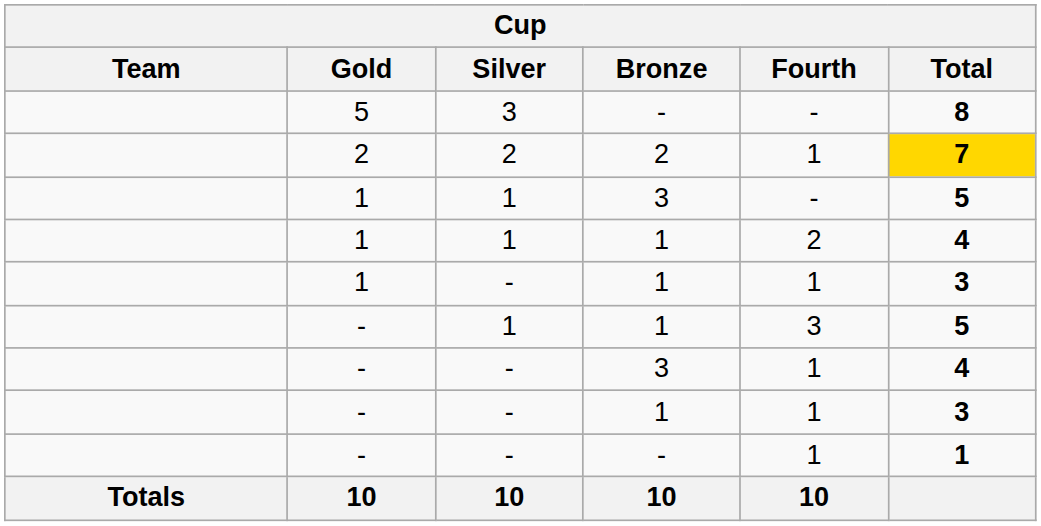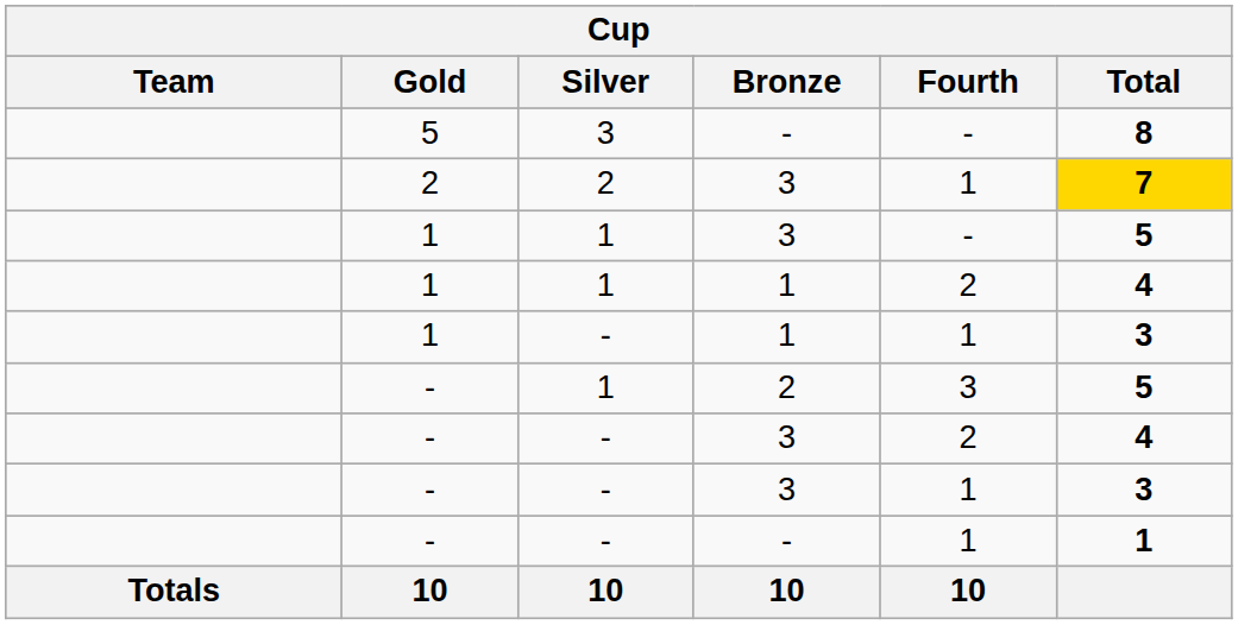 <table class="wikitable" style="text-align:center;">
 <tr border=1 cellpadding=5 cellspacing=0>
 <th colspan=6>Cup</th>
 </tr>
 <tr>
 <th style="width:10em;">Team</th>
 <th style="width:5em;"> Gold</th>
 <th style="width:5em;"> Silver</th>
 <th style="width:5.75em; padding:0; cell-spacing:0;"> Bronze</th>
 <th style="width:5em;">Fourth</th>
 <th style="width:5em;">Total </th>
 </tr>
 <tr>
 <td align=left></td>
 <td>5</td>
 <td>3</td>
 <td>-</td>
 <td>-</td>
 <td><strong>8</strong></td>
 </tr>
 <tr>
 <td align=left></td>
 <td>2</td>
 <td>2</td>
-<td>2</td>
+<td>3</td>
 <td>1</td>
 <td style="background: gold;"><strong>7</strong></td>
 </tr>
 <tr>
 <td align=left></td>
 <td>1</td>
 <td>1</td>
 <td>3</td>
 <td>-</td>
 <td><strong>5</strong></td>
 </tr>
 <tr>
 <td align=left></td>
 <td>1</td>
 <td>1</td>
 <td>1</td>
 <td>2</td>
 <td><strong>4</strong></td>
 </tr>
 <tr>
 <td align=left></td>
 <td>1</td>
 <td>-</td>
 <td>1</td>
 <td>1</td>
 <td><strong>3</strong></td>
 </tr>
 <tr>
 <td align=left></td>
 <td>-</td>
 <td>1</td>
-<td>1</td>
+<td>2</td>
 <td>3</td>
 <td><strong>5</strong></td>
 </tr>
 <tr>
 <td align=left></td>
 <td>-</td>
 <td>-</td>
 <td>3</td>
-<td>1</td>
+<td>2</td>
 <td><strong>4</strong></td>
 </tr>
 <tr>
 <td align=left></td>
 <td>-</td>
 <td>-</td>
-<td>1</td>
+<td>3</td>
 <td>1</td>
 <td><strong>3</strong></td>
 </tr>
 <tr>
 <td align=left></td>
 <td>-</td>
 <td>-</td>
 <td>-</td>
 <td>1</td>
 <td><strong>1</strong></td>
 </tr>
 <tr>
 <th>Totals</th>
 <th>10</th>
 <th>10</th>
 <th>10</th>
 <th>10</th>
 <th><strong></strong></th>
 </tr>
 </table>
